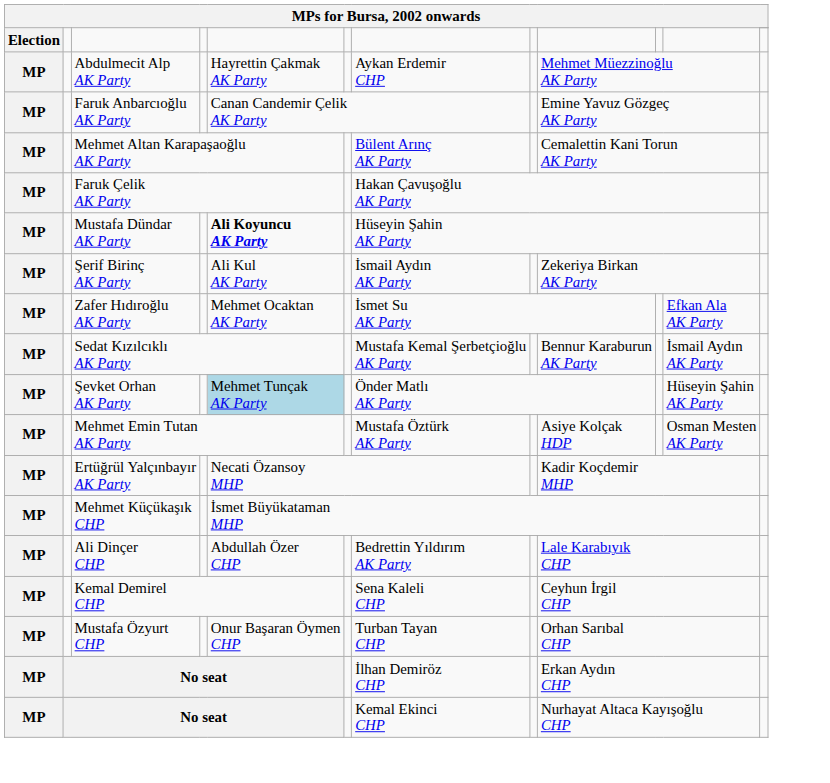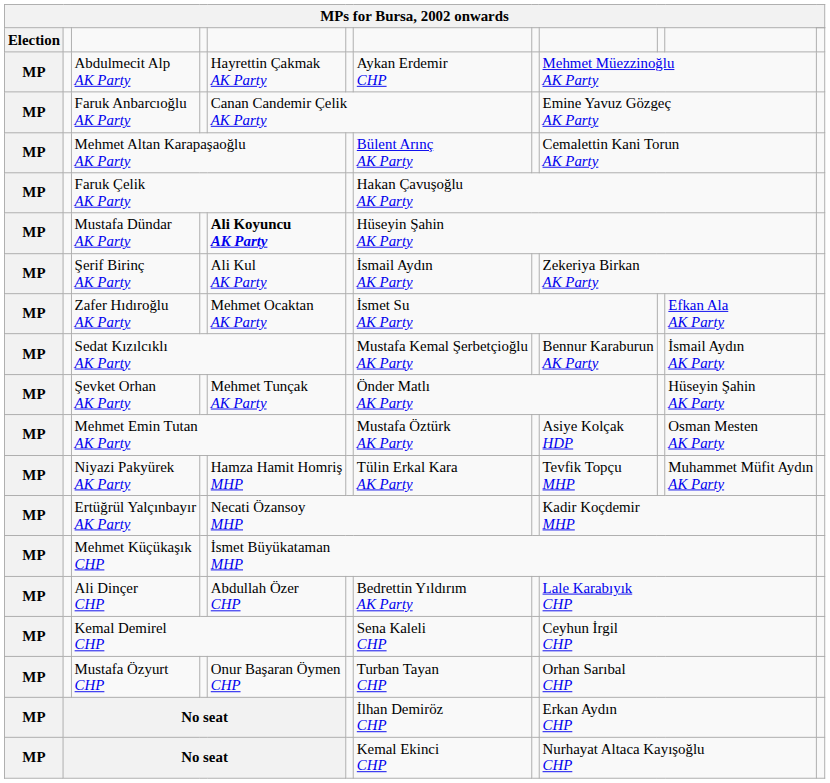 <table class="wikitable">
 <tr>
 <th colspan = 12>MPs for Bursa, 2002 onwards</th>
 </tr>
 <tr>
 <th rowspan = 2>Election</th>
 <td rowspan="2" style="width:1px;"></td>
 <td rowspan = 2></td>
 <td rowspan="2" style="width:1px;"></td>
 <td rowspan = 2></td>
 <td rowspan="2" style="width:1px;"></td>
 <td rowspan = 2></td>
 <td rowspan="2" style="width:1px;"></td>
 <td rowspan = 2></td>
 <td rowspan="2" style="width:1px;"></td>
 <td rowspan = 2></td>
 </tr>
 <tr>
 <td></td>
 </tr>
 <tr>
 <th>MP</th>
 <td width=1px style="background-color: "></td>
 <td colspan = 1>Abdulmecit Alp<br><em><a href='#'>AK Party</a></em></td>
 <td width=1px style="background-color: "></td>
 <td colspan = 1>Hayrettin Çakmak<br><em><a href='#'>AK Party</a></em></td>
 <td width=1px style="background-color: "></td>
 <td colspan = 1>Aykan Erdemir<br><em><a href='#'>CHP</a></em></td>
 <td width=1px style="background-color: "></td>
 <td colspan = 3><a href='#'>Mehmet Müezzinoğlu</a><br><em><a href='#'>AK Party</a></em></td>
 <td width=1px style="background-color: "></td>
 </tr>
 <tr>
 <th>MP</th>
 <td width=1px style="background-color: "></td>
 <td colspan = 1>Faruk Anbarcıoğlu<br><em><a href='#'>AK Party</a></em></td>
 <td width=1px style="background-color: "></td>
 <td colspan = 3>Canan Candemir Çelik<br><em><a href='#'>AK Party</a></em></td>
 <td width=1px style="background-color: "></td>
 <td colspan = 3>Emine Yavuz Gözgeç<br><em><a href='#'>AK Party</a></em></td>
 <td width=1px style="background-color: "></td>
 </tr>
 <tr>
 <th>MP</th>
 <td width=1px style="background-color: "></td>
 <td colspan = 3>Mehmet Altan Karapaşaoğlu<br><em><a href='#'>AK Party</a></em></td>
 <td width=1px style="background-color: "></td>
 <td colspan = 1><a href='#'>Bülent Arınç</a><br><em><a href='#'>AK Party</a></em></td>
 <td width=1px style="background-color: "></td>
 <td colspan = 3>Cemalettin Kani Torun<br><em><a href='#'>AK Party</a></em></td>
 <td width=1px style="background-color: "></td>
 </tr>
 <tr>
 <th>MP</th>
 <td width=1px style="background-color: "></td>
 <td colspan = 3>Faruk Çelik<br><em><a href='#'>AK Party</a></em></td>
 <td width=1px style="background-color: "></td>
 <td colspan = 5>Hakan Çavuşoğlu<br><em><a href='#'>AK Party</a></em></td>
 <td width=1px style="background-color: "></td>
 </tr>
 <tr>
 <th>MP</th>
 <td width=1px style="background-color: "></td>
 <td colspan = 1>Mustafa Dündar<br><em><a href='#'>AK Party</a></em></td>
 <td width=1px style="background-color: "></td>
 <td colspan = 1><strong>Ali Koyuncu<br><em><a href='#'>AK Party</a></em></strong></td>
 <td width=1px style="background-color: "></td>
 <td colspan = 5>Hüseyin Şahin<br><em><a href='#'>AK Party</a></em></td>
 <td width=1px style="background-color: "></td>
 </tr>
 <tr>
 <th>MP</th>
 <td width=1px style="background-color: "></td>
 <td colspan = 1>Şerif Birinç<br><em><a href='#'>AK Party</a></em></td>
 <td width=1px style="background-color: "></td>
 <td colspan = 1>Ali Kul<br><em><a href='#'>AK Party</a></em></td>
 <td width=1px style="background-color: "></td>
 <td colspan = 1>İsmail Aydın<br><em><a href='#'>AK Party</a></em></td>
 <td width=1px style="background-color: "></td>
 <td colspan = 3>Zekeriya Birkan<br><em><a href='#'>AK Party</a></em></td>
 <td width=1px style="background-color: "></td>
 </tr>
 <tr>
 <th>MP</th>
 <td width=1px style="background-color: "></td>
 <td colspan = 1>Zafer Hıdıroğlu<br><em><a href='#'>AK Party</a></em></td>
 <td width=1px style="background-color: "></td>
 <td colspan = 1>Mehmet Ocaktan<br><em><a href='#'>AK Party</a></em></td>
 <td width=1px style="background-color: "></td>
 <td colspan = 3>İsmet Su<br><em><a href='#'>AK Party</a></em></td>
 <td width=1px style="background-color: "></td>
 <td colspan = 1><a href='#'>Efkan Ala</a><br><em><a href='#'>AK Party</a></em></td>
 <td width=1px style="background-color: "></td>
 </tr>
 <tr>
 <th>MP</th>
 <td width=1px style="background-color: "></td>
 <td colspan = 3>Sedat Kızılcıklı<br><em><a href='#'>AK Party</a></em></td>
 <td width=1px style="background-color: "></td>
 <td colspan = 1>Mustafa Kemal Şerbetçioğlu<br><em><a href='#'>AK Party</a></em></td>
 <td width=1px style="background-color: "></td>
 <td colspan = 1>Bennur Karaburun<br><em><a href='#'>AK Party</a></em></td>
 <td width=1px style="background-color: "></td>
 <td colspan = 1>İsmail Aydın<br><em><a href='#'>AK Party</a></em></td>
 <td width=1px style="background-color: "></td>
 </tr>
 <tr>
 <th>MP</th>
 <td width=1px style="background-color: "></td>
 <td colspan = 1>Şevket Orhan<br><em><a href='#'>AK Party</a></em></td>
 <td width=1px style="background-color: "></td>
-<td colspan = 1 style="background: lightblue;">Mehmet Tunçak<br><em><a href='#'>AK Party</a></em></td>
+<td colspan = 1>Mehmet Tunçak<br><em><a href='#'>AK Party</a></em></td>
 <td width=1px style="background-color: "></td>
 <td colspan = 3>Önder Matlı<br><em><a href='#'>AK Party</a></em></td>
 <td width=1px style="background-color: "></td>
 <td colspan = 1>Hüseyin Şahin<br><em><a href='#'>AK Party</a></em></td>
 <td width=1px style="background-color: "></td>
 </tr>
 <tr>
 <th>MP</th>
 <td width=1px style="background-color: "></td>
 <td colspan = 3>Mehmet Emin Tutan<br><em><a href='#'>AK Party</a></em></td>
 <td width=1px style="background-color: "></td>
 <td colspan = 1>Mustafa Öztürk<br><em><a href='#'>AK Party</a></em></td>
 <td width=1px style="background-color: "></td>
 <td colspan = 1>Asiye Kolçak<br><em><a href='#'>HDP</a></em></td>
 <td width=1px style="background-color: "></td>
 <td colspan = 1>Osman Mesten<br><em><a href='#'>AK Party</a></em></td>
+<td width=1px style="background-color: "></td>
+</tr>
+<tr>
+<th>MP</th>
+<td width=1px style="background-color: "></td>
+<td colspan = 1>Niyazi Pakyürek<br><em><a href='#'>AK Party</a></em></td>
+<td width=1px style="background-color: "></td>
+<td colspan = 1>Hamza Hamit Homriş<br><em><a href='#'>MHP</a></em></td>
+<td width=1px style="background-color: "></td>
+<td colspan = 1>Tülin Erkal Kara<br><em><a href='#'>AK Party</a></em></td>
+<td width=1px style="background-color: "></td>
+<td colspan = 1>Tevfik Topçu<br><em><a href='#'>MHP</a></em></td>
+<td width=1px style="background-color: "></td>
+<td colspan = 1>Muhammet Müfit Aydın<br><em><a href='#'>AK Party</a></em></td>
 <td width=1px style="background-color: "></td>
 </tr>
 <tr>
 <th>MP</th>
 <td width=1px style="background-color: "></td>
 <td colspan = 1>Ertüğrül Yalçınbayır<br><em><a href='#'>AK Party</a></em></td>
 <td width=1px style="background-color: "></td>
 <td colspan = 3>Necati Özansoy<br><em><a href='#'>MHP</a></em></td>
 <td width=1px style="background-color: "></td>
 <td colspan = 3>Kadir Koçdemir<br><em><a href='#'>MHP</a></em></td>
 <td width=1px style="background-color: "></td>
 </tr>
 <tr>
 <th>MP</th>
 <td width=1px style="background-color: "></td>
 <td colspan = 1>Mehmet Küçükaşık<br><em><a href='#'>CHP</a></em></td>
 <td width=1px style="background-color: "></td>
 <td colspan = 7>İsmet Büyükataman<br><em><a href='#'>MHP</a></em></td>
 <td width=1px style="background-color: "></td>
 </tr>
 <tr>
 <th>MP</th>
 <td width=1px style="background-color: "></td>
 <td colspan = 1>Ali Dinçer<br><em><a href='#'>CHP</a></em></td>
 <td width=1px style="background-color: "></td>
 <td colspan = 1>Abdullah Özer<br><em><a href='#'>CHP</a></em></td>
 <td width=1px style="background-color: "></td>
 <td colspan = 1>Bedrettin Yıldırım<br><em><a href='#'>AK Party</a></em></td>
 <td width=1px style="background-color: "></td>
 <td colspan = 3><a href='#'>Lale Karabıyık</a><br><em><a href='#'>CHP</a></em></td>
 <td width=1px style="background-color: "></td>
 </tr>
 <tr>
 <th>MP</th>
 <td width=1px style="background-color: "></td>
 <td colspan = 3>Kemal Demirel<br><em><a href='#'>CHP</a></em></td>
 <td width=1px style="background-color: "></td>
 <td colspan = 1>Sena Kaleli<br><em><a href='#'>CHP</a></em></td>
 <td width=1px style="background-color: "></td>
 <td colspan = 3>Ceyhun İrgil<br><em><a href='#'>CHP</a></em></td>
 <td width=1px style="background-color: "></td>
 </tr>
 <tr>
 <th>MP</th>
 <td width=1px style="background-color: "></td>
 <td colspan = 1>Mustafa Özyurt<br><em><a href='#'>CHP</a></em></td>
 <td width=1px style="background-color: "></td>
 <td colspan = 1>Onur Başaran Öymen<br><em><a href='#'>CHP</a></em></td>
 <td width=1px style="background-color: "></td>
 <td colspan = 1>Turban Tayan<br><em><a href='#'>CHP</a></em></td>
 <td width=1px style="background-color: "></td>
 <td colspan = 3>Orhan Sarıbal<br><em><a href='#'>CHP</a></em></td>
 <td width=1px style="background-color: "></td>
 </tr>
 <tr>
 <th>MP</th>
 <th colspan = 4>No seat</th>
 <td width=1px style="background-color: "></td>
 <td colspan = 1>İlhan Demiröz<br><em><a href='#'>CHP</a></em></td>
 <td width=1px style="background-color: "></td>
 <td colspan = 3>Erkan Aydın<br><em><a href='#'>CHP</a></em></td>
 <td width=1px style="background-color: "></td>
 </tr>
 <tr>
 <th>MP</th>
 <th colspan = 4>No seat</th>
 <td width=1px style="background-color: "></td>
 <td colspan = 1>Kemal Ekinci<br><em><a href='#'>CHP</a></em></td>
 <td width=1px style="background-color: "></td>
 <td colspan = 3>Nurhayat Altaca Kayışoğlu<br><em><a href='#'>CHP</a></em></td>
 <td width=1px style="background-color: "></td>
 </tr>
 </table>
